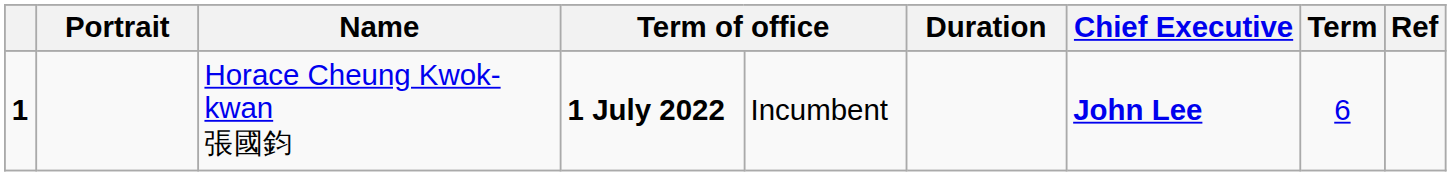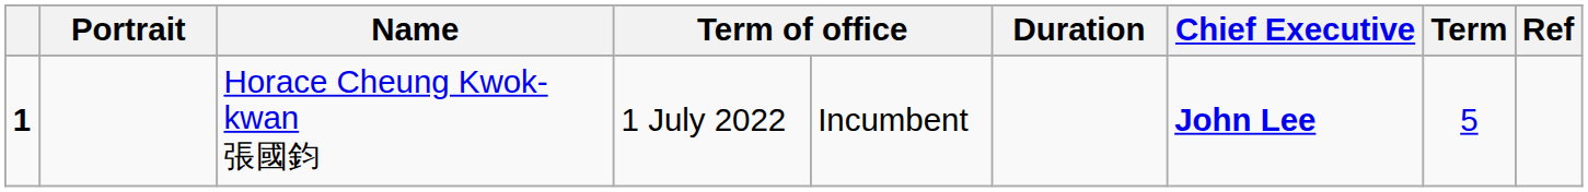 <table class="wikitable"  style="text-align:left">
 <tr>
 <th width=10px></th>
 <th width=80px>Portrait</th>
 <th width=190px>Name</th>
 <th width=180px colspan=2>Term of office</th>
 <th width=80px>Duration</th>
 <th width=120px><a href='#'>Chief Executive</a></th>
 <th>Term</th>
 <th>Ref</th>
 </tr>
 <tr>
 <td style="background:"><strong>1</strong></td>
 <td></td>
 <td><a href='#'>Horace Cheung Kwok-kwan</a><br>張國鈞</td>
-<td><strong>1 July 2022</strong></td>
+<td>1 July 2022</td>
 <td>Incumbent</td>
 <td></td>
 <td><strong><a href='#'>John Lee</a><br></strong></td>
-<td align=center><a href='#'>6</a></td>
+<td align=center><a href='#'>5</a></td>
 </tr>
 </table>
